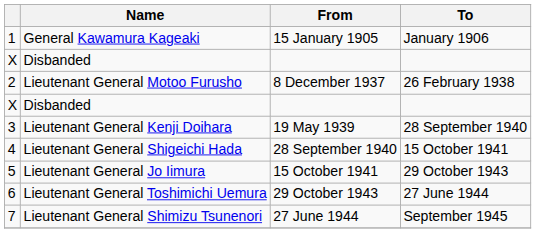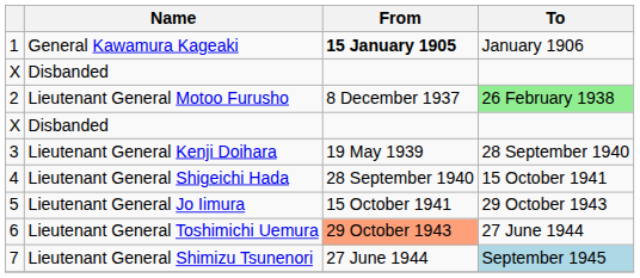 <table class=wikitable>
 <tr>
 <th></th>
 <th>Name</th>
 <th>From</th>
 <th>To</th>
 </tr>
 <tr>
 <td>1</td>
 <td>General <a href='#'>Kawamura Kageaki</a></td>
-<td>15 January 1905</td>
+<td><strong>15 January 1905</strong></td>
 <td>January 1906</td>
 </tr>
 <tr>
 <td>X</td>
 <td>Disbanded</td>
 <td></td>
 <td></td>
 </tr>
 <tr>
 <td>2</td>
 <td>Lieutenant General <a href='#'>Motoo Furusho</a></td>
 <td>8 December 1937</td>
-<td>26 February 1938</td>
+<td style="background: lightgreen;">26 February 1938</td>
 </tr>
 <tr>
 <td>X</td>
 <td>Disbanded</td>
 <td></td>
 <td></td>
 </tr>
 <tr>
 <td>3</td>
 <td>Lieutenant General <a href='#'>Kenji Doihara</a></td>
 <td>19 May 1939</td>
 <td>28 September 1940</td>
 </tr>
 <tr>
 <td>4</td>
 <td>Lieutenant General <a href='#'>Shigeichi Hada</a></td>
 <td>28 September 1940</td>
 <td>15 October 1941</td>
 </tr>
 <tr>
 <td>5</td>
 <td>Lieutenant General <a href='#'>Jo Iimura</a></td>
 <td>15 October 1941</td>
 <td>29 October 1943</td>
 </tr>
 <tr>
 <td>6</td>
 <td>Lieutenant General <a href='#'>Toshimichi Uemura</a></td>
-<td>29 October 1943</td>
+<td style="background: lightsalmon;">29 October 1943</td>
 <td>27 June 1944</td>
 </tr>
 <tr>
 <td>7</td>
 <td>Lieutenant General <a href='#'>Shimizu Tsunenori</a></td>
 <td>27 June 1944</td>
-<td>September 1945</td>
+<td style="background: lightblue;">September 1945</td>
 </tr>
 <tr>
 </tr>
 </table>
